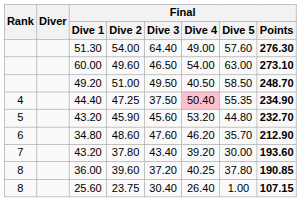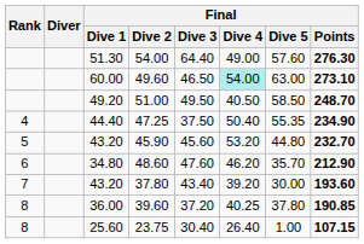 <table class="wikitable sortable"  style="text-align:center">
 <tr>
 <th rowspan="2" data-sort-type=number>Rank</th>
 <th rowspan="2">Diver</th>
 <th colspan="7">Final</th>
 </tr>
 <tr>
 <th>Dive 1</th>
 <th>Dive 2</th>
 <th>Dive 3</th>
 <th>Dive 4</th>
 <th>Dive 5</th>
 <th>Points</th>
 </tr>
 <tr>
 <td></td>
 <td align="left"></td>
 <td>51.30</td>
 <td>54.00</td>
 <td>64.40</td>
 <td>49.00</td>
 <td>57.60</td>
 <td><strong>276.30</strong></td>
 </tr>
 <tr>
 <td></td>
 <td align="left"></td>
 <td>60.00</td>
 <td>49.60</td>
 <td>46.50</td>
-<td>54.00</td>
+<td style="background: paleturquoise;">54.00</td>
 <td>63.00</td>
 <td><strong>273.10</strong></td>
 </tr>
 <tr>
 <td></td>
 <td align="left"></td>
 <td>49.20</td>
 <td>51.00</td>
 <td>49.50</td>
 <td>40.50</td>
 <td>58.50</td>
 <td><strong>248.70</strong></td>
 </tr>
 <tr>
 <td>4</td>
 <td align="left"></td>
 <td>44.40</td>
 <td>47.25</td>
 <td>37.50</td>
-<td style="background: pink;">50.40</td>
+<td>50.40</td>
 <td>55.35</td>
 <td><strong>234.90</strong></td>
 </tr>
 <tr>
 <td>5</td>
 <td align="left"></td>
 <td>43.20</td>
 <td>45.90</td>
 <td>45.60</td>
 <td>53.20</td>
 <td>44.80</td>
 <td><strong>232.70</strong></td>
 </tr>
 <tr>
 <td>6</td>
 <td align="left"></td>
 <td>34.80</td>
 <td>48.60</td>
 <td>47.60</td>
 <td>46.20</td>
 <td>35.70</td>
 <td><strong>212.90</strong></td>
 </tr>
 <tr>
 <td>7</td>
 <td align="left"></td>
 <td>43.20</td>
 <td>37.80</td>
 <td>43.40</td>
 <td>39.20</td>
 <td>30.00</td>
 <td><strong>193.60</strong></td>
 </tr>
 <tr>
 <td>8</td>
 <td align="left"></td>
 <td>36.00</td>
 <td>39.60</td>
 <td>37.20</td>
 <td>40.25</td>
 <td>37.80</td>
 <td><strong>190.85</strong></td>
 </tr>
 <tr>
 <td>8</td>
 <td align="left"></td>
 <td>25.60</td>
 <td>23.75</td>
 <td>30.40</td>
 <td>26.40</td>
 <td>1.00</td>
 <td><strong>107.15</strong></td>
 </tr>
 </table>
